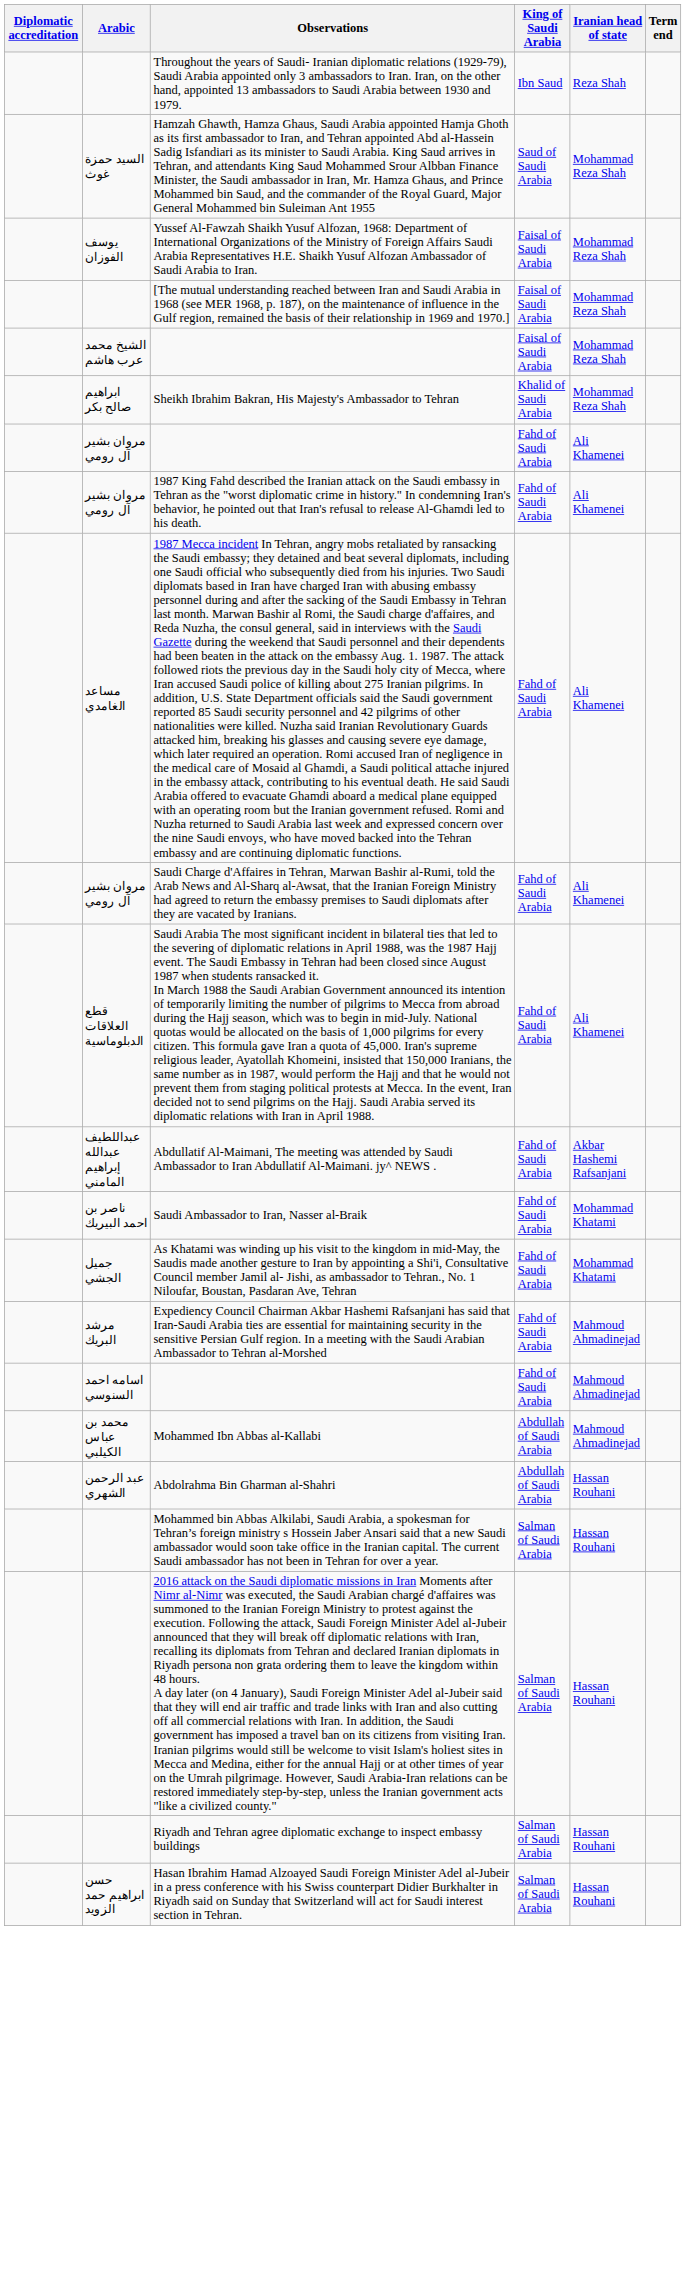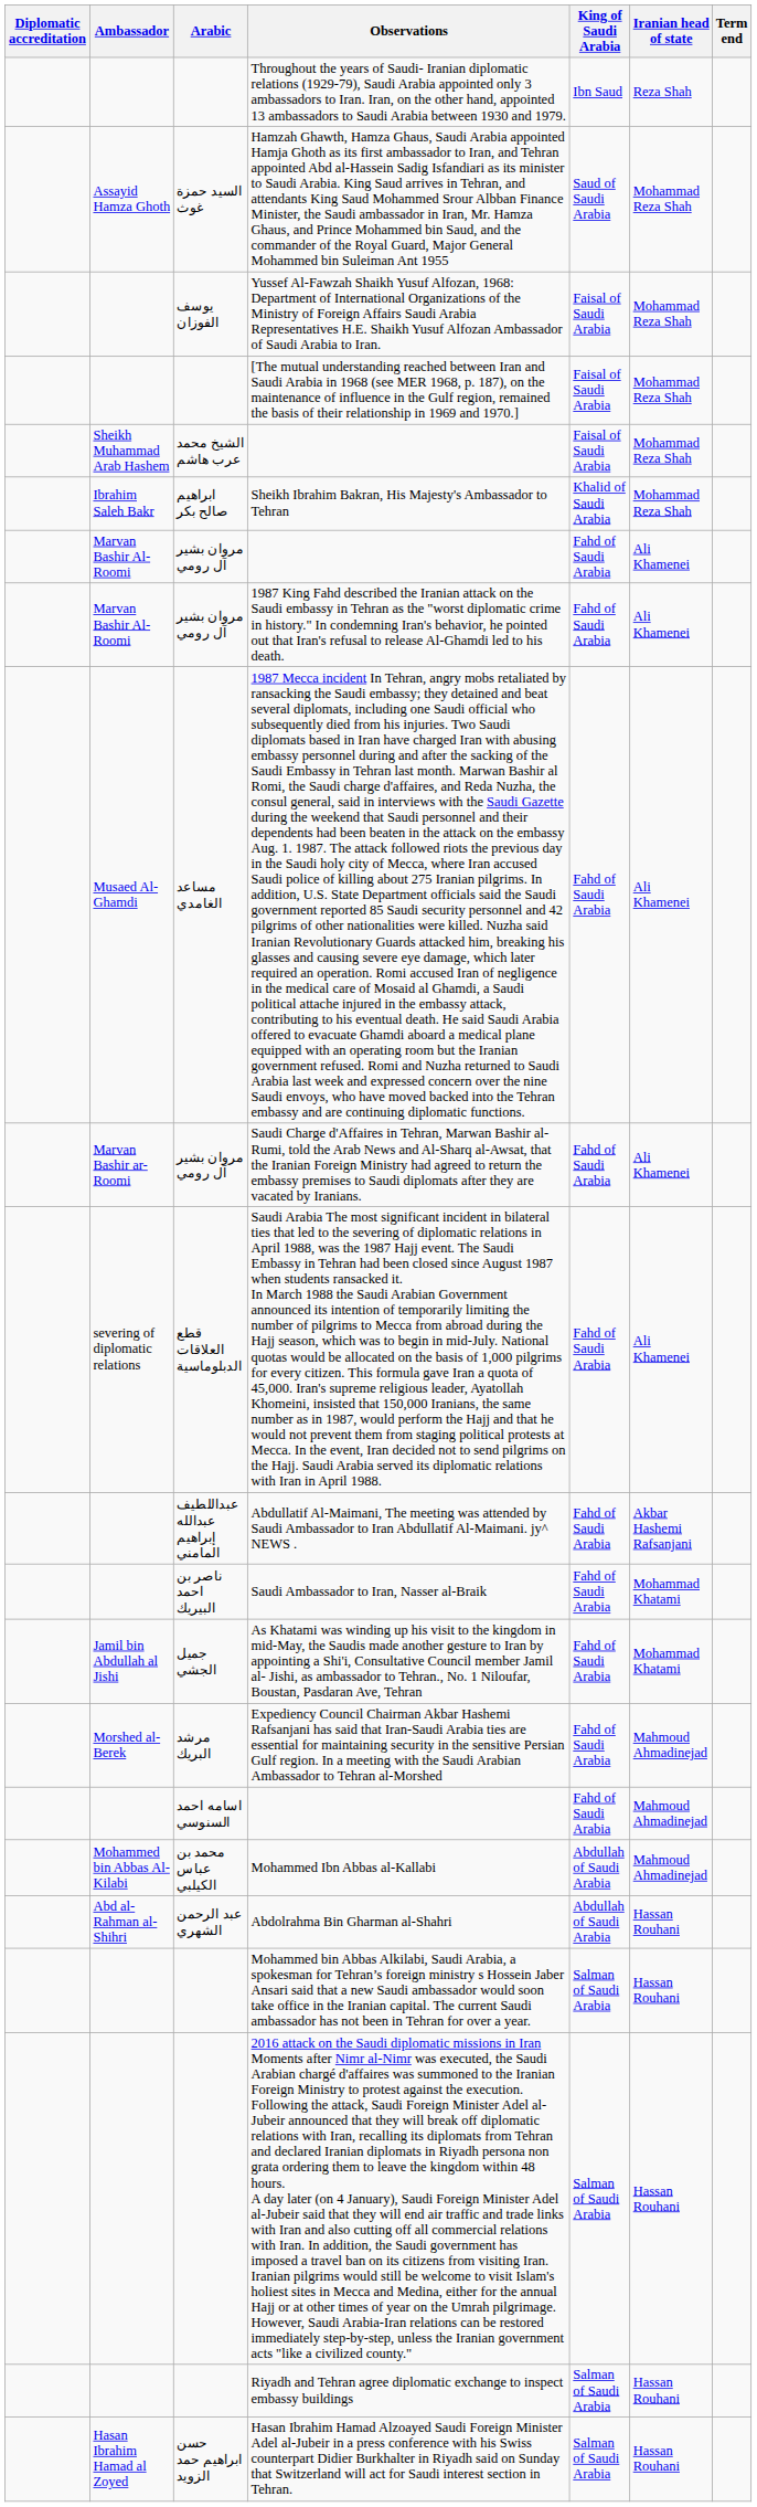 <table class="wikitable sortable">
 <tr>
 <th><a href='#'>Diplomatic accreditation</a></th>
+<th><a href='#'>Ambassador</a></th>
 <th><a href='#'>Arabic</a></th>
 <th>Observations</th>
 <th><a href='#'>King of Saudi Arabia</a></th>
 <th><a href='#'>Iranian head of state</a></th>
 <th>Term end</th>
 </tr>
 <tr>
 <td></td>
 <td></td>
+<td></td>
 <td>Throughout the years of Saudi- Iranian diplomatic relations (1929-79), Saudi Arabia appointed only 3 ambassadors to Iran. Iran, on the other hand, appointed 13 ambassadors to Saudi Arabia between 1930 and 1979.</td>
 <td><a href='#'>Ibn Saud</a></td>
 <td><a href='#'>Reza Shah</a></td>
 <td></td>
 </tr>
 <tr>
 <td></td>
+<td><a href='#'>Assayid Hamza Ghoth</a></td>
 <td>السيد حمزة غوث</td>
 <td>Hamzah Ghawth, Hamza Ghaus, Saudi Arabia appointed Hamja Ghoth as its first ambassador to Iran, and Tehran appointed Abd al-Hassein Sadig Isfandiari as its minister to Saudi Arabia. King Saud arrives in Tehran, and attendants King Saud Mohammed Srour Albban Finance Minister, the Saudi ambassador in Iran, Mr. Hamza Ghaus, and Prince Mohammed bin Saud, and the commander of the Royal Guard, Major General Mohammed bin Suleiman Ant 1955 </td>
 <td><a href='#'>Saud of Saudi Arabia</a></td>
 <td><a href='#'>Mohammad Reza Shah</a></td>
 <td></td>
 </tr>
 <tr>
+<td></td>
 <td></td>
 <td>يوسف الفوزان</td>
 <td>Yussef Al-Fawzah  Shaikh Yusuf Alfozan, 1968: Department of International Organizations of the Ministry of Foreign Affairs Saudi Arabia Representatives H.E. Shaikh Yusuf Alfozan Ambassador of Saudi Arabia to Iran.</td>
 <td><a href='#'>Faisal of Saudi Arabia</a></td>
 <td><a href='#'>Mohammad Reza Shah</a></td>
 <td></td>
 </tr>
 <tr>
 <td></td>
 <td></td>
+<td></td>
 <td>[The mutual understanding reached between Iran and Saudi Arabia in 1968 (see MER 1968, p. 187), on the maintenance of influence in the Gulf region, remained the basis of their relationship in 1969 and 1970.]</td>
 <td><a href='#'>Faisal of Saudi Arabia</a></td>
 <td><a href='#'>Mohammad Reza Shah</a></td>
 <td></td>
 </tr>
 <tr>
 <td></td>
+<td><a href='#'>Sheikh Muhammad Arab Hashem</a></td>
 <td>الشيخ محمد عرب هاشم</td>
 <td></td>
 <td><a href='#'>Faisal of Saudi Arabia</a></td>
 <td><a href='#'>Mohammad Reza Shah</a></td>
 <td></td>
 </tr>
 <tr>
 <td></td>
+<td><a href='#'>Ibrahim Saleh Bakr</a></td>
 <td>ابراهيم صالح بكر</td>
 <td>Sheikh Ibrahim Bakran, His Majesty's Ambassador to Tehran</td>
 <td><a href='#'>Khalid of Saudi Arabia</a></td>
 <td><a href='#'>Mohammad Reza Shah</a></td>
 <td></td>
 </tr>
 <tr>
 <td></td>
+<td><a href='#'>Marvan Bashir Al-Roomi</a></td>
 <td>مروان بشير آل رومي</td>
 <td></td>
 <td><a href='#'>Fahd of Saudi Arabia</a></td>
 <td><a href='#'>Ali Khamenei</a></td>
 <td></td>
 </tr>
 <tr>
 <td></td>
+<td><a href='#'>Marvan Bashir Al-Roomi</a></td>
 <td>مروان بشير آل رومي</td>
 <td>1987 King Fahd described the Iranian attack on the Saudi embassy in Tehran as the "worst diplomatic crime in history." In condemning Iran's behavior, he pointed out that Iran's refusal to release Al-Ghamdi led to his death.</td>
 <td><a href='#'>Fahd of Saudi Arabia</a></td>
 <td><a href='#'>Ali Khamenei</a></td>
 <td></td>
 </tr>
 <tr>
 <td></td>
+<td><a href='#'>Musaed Al-Ghamdi </a></td>
 <td>مساعد الغامدي</td>
 <td><a href='#'>1987 Mecca incident</a> In Tehran, angry mobs retaliated by ransacking the Saudi embassy; they detained and beat several diplomats, including one Saudi official who subsequently died from his injuries. Two Saudi diplomats based in Iran have charged Iran with abusing embassy personnel during and after the sacking of the Saudi Embassy in Tehran last month. Marwan Bashir al Romi, the Saudi charge d'affaires, and Reda Nuzha, the consul general, said in interviews with the <a href='#'>Saudi Gazette</a> during the weekend that Saudi personnel and their dependents had been beaten in the attack on the embassy Aug. 1. 1987. The attack followed riots the previous day in the Saudi holy city of Mecca, where Iran accused Saudi police of killing about 275 Iranian pilgrims. In addition, U.S. State Department officials said the Saudi government reported 85 Saudi security personnel and 42 pilgrims of other nationalities were killed. Nuzha said Iranian Revolutionary Guards attacked him, breaking his glasses and causing severe eye damage, which later required an operation. Romi accused Iran of negligence in the medical care of Mosaid al Ghamdi, a Saudi political attache injured in the embassy attack, contributing to his eventual death. He said Saudi Arabia offered to evacuate Ghamdi aboard a medical plane equipped with an operating room but the Iranian government refused. Romi and Nuzha returned to Saudi Arabia last week and expressed concern over the nine Saudi envoys, who have moved backed into the Tehran embassy and are continuing diplomatic functions.</td>
 <td><a href='#'>Fahd of Saudi Arabia</a></td>
 <td><a href='#'>Ali Khamenei</a></td>
 <td></td>
 </tr>
 <tr>
 <td></td>
+<td><a href='#'>Marvan Bashir ar-Roomi</a></td>
 <td>مروان بشير آل رومي</td>
 <td>Saudi Charge d'Affaires in Tehran, Marwan Bashir al-Rumi, told the Arab News and Al-Sharq al-Awsat, that the Iranian Foreign Ministry had agreed to return the embassy premises to Saudi diplomats after they are vacated by Iranians.</td>
 <td><a href='#'>Fahd of Saudi Arabia</a></td>
 <td><a href='#'>Ali Khamenei</a></td>
 <td></td>
 </tr>
 <tr>
 <td></td>
+<td>severing of diplomatic relations</td>
 <td>قطع العلاقات الدبلوماسية</td>
 <td>Saudi Arabia The most significant incident in bilateral ties that led to the severing of diplomatic relations in April 1988, was the 1987 Hajj event. The Saudi Embassy in Tehran had been closed since August 1987 when students ransacked it.<br>In March 1988 the Saudi Arabian Government announced its intention of temporarily limiting the number of pilgrims to Mecca from abroad during the Hajj season, which was to begin in mid-July. National quotas would be allocated on the basis of 1,000 pilgrims for every citizen. This formula gave Iran a quota of 45,000. Iran's supreme religious leader, Ayatollah Khomeini, insisted that 150,000 Iranians, the same number as in 1987, would perform the Hajj and that he would not prevent them from staging political protests at Mecca. In the event, Iran decided not to send pilgrims on the Hajj. Saudi Arabia served its diplomatic relations with Iran in April 1988. </td>
 <td><a href='#'>Fahd of Saudi Arabia</a></td>
 <td><a href='#'>Ali Khamenei</a></td>
 <td></td>
 </tr>
 <tr>
+<td></td>
 <td></td>
 <td>عبداللطيف عبدالله إبراهيم المامني</td>
 <td>Abdullatif Al-Maimani, The meeting was attended by Saudi Ambassador to Iran Abdullatif Al-Maimani. jy^ NEWS .</td>
 <td><a href='#'>Fahd of Saudi Arabia</a></td>
 <td><a href='#'>Akbar Hashemi Rafsanjani</a></td>
 <td></td>
 </tr>
 <tr>
 <td></td>
+<td></td>
 <td>ناصر بن احمد البيريك</td>
 <td>Saudi Ambassador to Iran, Nasser al-Braik</td>
 <td><a href='#'>Fahd of Saudi Arabia</a></td>
 <td><a href='#'>Mohammad Khatami</a></td>
 <td></td>
 </tr>
 <tr>
 <td></td>
+<td><a href='#'>Jamil bin Abdullah al Jishi</a></td>
 <td>جميل الجشي</td>
 <td>As Khatami was winding up his visit to the kingdom in mid-May, the Saudis made another gesture to Iran by appointing a Shi'i, Consultative Council member Jamil al- Jishi, as ambassador to Tehran., No. 1 Niloufar, Boustan, Pasdaran Ave, Tehran</td>
 <td><a href='#'>Fahd of Saudi Arabia</a></td>
 <td><a href='#'>Mohammad Khatami</a></td>
 <td></td>
 </tr>
 <tr>
 <td></td>
+<td><a href='#'>Morshed al-Berek</a></td>
 <td>مرشد البريك</td>
 <td>Expediency Council Chairman Akbar Hashemi Rafsanjani has said that Iran-Saudi Arabia ties are essential for maintaining security in the sensitive Persian Gulf region. In a meeting with the Saudi Arabian Ambassador to Tehran al-Morshed</td>
 <td><a href='#'>Fahd of Saudi Arabia</a></td>
 <td><a href='#'>Mahmoud Ahmadinejad</a></td>
 <td></td>
 </tr>
 <tr>
+<td></td>
 <td></td>
 <td>اسامه احمد السنوسي</td>
 <td></td>
 <td><a href='#'>Fahd of Saudi Arabia</a></td>
 <td><a href='#'>Mahmoud Ahmadinejad</a></td>
 <td></td>
 </tr>
 <tr>
 <td></td>
+<td><a href='#'>Mohammed bin Abbas Al-Kilabi</a></td>
 <td>محمد بن عباس الكيلبي</td>
 <td>Mohammed Ibn Abbas al-Kallabi<br></td>
 <td><a href='#'>Abdullah of Saudi Arabia</a></td>
 <td><a href='#'>Mahmoud Ahmadinejad</a></td>
 <td></td>
 </tr>
 <tr>
 <td></td>
+<td><a href='#'>Abd al-Rahman al-Shihri</a></td>
 <td>عبد الرحمن الشهري</td>
 <td>Abdolrahma Bin Gharman al-Shahri</td>
 <td><a href='#'>Abdullah of Saudi Arabia</a></td>
 <td><a href='#'>Hassan Rouhani</a></td>
 <td></td>
 </tr>
 <tr>
+<td></td>
 <td></td>
 <td></td>
 <td>Mohammed bin Abbas Alkilabi, Saudi Arabia, a spokesman for Tehran’s foreign ministry s Hossein Jaber Ansari said that a new Saudi ambassador would soon take office in the Iranian capital. The current Saudi ambassador has not been in Tehran for over a year.</td>
 <td><a href='#'>Salman of Saudi Arabia</a></td>
 <td><a href='#'>Hassan Rouhani</a></td>
 <td></td>
 </tr>
 <tr>
 <td></td>
 <td></td>
+<td></td>
 <td><a href='#'>2016 attack on the Saudi diplomatic missions in Iran</a> Moments after <a href='#'>Nimr al-Nimr</a> was executed, the Saudi Arabian chargé d'affaires was summoned to the Iranian Foreign Ministry to protest against the execution. Following the attack, Saudi Foreign Minister Adel al-Jubeir announced that they will break off diplomatic relations with Iran, recalling its diplomats from Tehran and declared Iranian diplomats in Riyadh persona non grata ordering them to leave the kingdom within 48 hours.<br>A day later (on 4 January), Saudi Foreign Minister Adel al-Jubeir said that they will end air traffic and trade links with Iran and also cutting off all commercial relations with Iran. In addition, the Saudi government has imposed a travel ban on its citizens from visiting Iran. Iranian pilgrims would still be welcome to visit Islam's holiest sites in Mecca and Medina, either for the annual Hajj or at other times of year on the Umrah pilgrimage. However, Saudi Arabia-Iran relations can be restored immediately step-by-step, unless the Iranian government acts "like a civilized county."</td>
 <td><a href='#'>Salman of Saudi Arabia</a></td>
 <td><a href='#'>Hassan Rouhani</a></td>
 <td></td>
 </tr>
 <tr>
+<td></td>
 <td></td>
 <td></td>
 <td>Riyadh and Tehran agree diplomatic exchange to inspect embassy buildings </td>
 <td><a href='#'>Salman of Saudi Arabia</a></td>
 <td><a href='#'>Hassan Rouhani</a></td>
 <td></td>
 </tr>
 <tr>
 <td></td>
+<td><a href='#'>Hasan Ibrahim Hamad al Zoyed</a></td>
 <td>حسن ابراهيم حمد الزويد</td>
 <td>Hasan Ibrahim Hamad Alzoayed Saudi Foreign Minister Adel al-Jubeir in a press conference with his Swiss counterpart Didier Burkhalter in Riyadh said on Sunday that Switzerland will act for Saudi interest section in Tehran.</td>
 <td><a href='#'>Salman of Saudi Arabia</a></td>
 <td><a href='#'>Hassan Rouhani</a></td>
 <td></td>
 </tr>
 </table>
